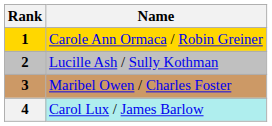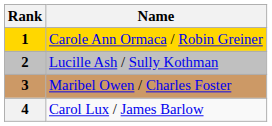 <table class="wikitable">
 <tr>
 <th>Rank</th>
 <th>Name</th>
 </tr>
 <tr bgcolor="gold">
 <td align="center"><strong>1</strong></td>
 <td><a href='#'>Carole Ann Ormaca</a> / <a href='#'>Robin Greiner</a></td>
 </tr>
 <tr bgcolor="silver">
 <td align="center"><strong>2</strong></td>
 <td><a href='#'>Lucille Ash</a> / <a href='#'>Sully Kothman</a></td>
 </tr>
 <tr bgcolor="cc9966">
 <td align="center"><strong>3</strong></td>
 <td><a href='#'>Maribel Owen</a> / <a href='#'>Charles Foster</a></td>
 </tr>
 <tr>
 <th>4</th>
-<td style="background: paleturquoise;"><a href='#'>Carol Lux</a> / <a href='#'>James Barlow</a></td>
+<td><a href='#'>Carol Lux</a> / <a href='#'>James Barlow</a></td>
 </tr>
 </table>
